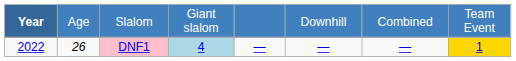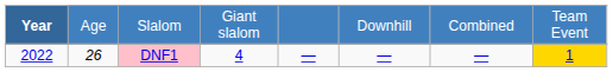 <table class="wikitable" style="font-size:95%; text-align:center; border:grey solid 1px; border-collapse:collapse;" width="40%">
 <tr style="background-color:#369; color:white;">
 <td rowspan="2" colspan="1" width="4%"><strong>Year</strong></td>
 </tr>
 <tr style="background-color:#4180be; color:white;">
 <td width="3%">Age</td>
 <td width="5%">Slalom</td>
 <td width="5%">Giant<br>slalom</td>
 <td width="5%"></td>
 <td width="5%">Downhill</td>
 <td width="5%">Combined</td>
 <td width="5%">Team Event</td>
 </tr>
 <tr style="background-color:#8CB2D8; color:white;">
 </tr>
 <tr>
 <td><a href='#'>2022</a></td>
 <td><em>26</em></td>
 <td style="background: pink;"><a href='#'>DNF1</a></td>
-<td style="background: lightblue;"><a href='#'>4</a></td>
+<td><a href='#'>4</a></td>
 <td><a href='#'>—</a></td>
 <td><a href='#'>—</a></td>
 <td><a href='#'>—</a></td>
 <td bgcolor=gold><a href='#'>1</a></td>
 </tr>
 </table>
